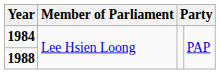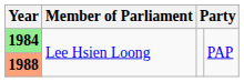 <table class="wikitable">
 <tr>
 <th>Year</th>
 <th>Member of Parliament</th>
 <th colspan="2">Party</th>
 </tr>
 <tr>
-<td><strong>1984</strong></td>
+<td style="background: lightgreen;"><strong>1984</strong></td>
 <td rowspan="2"><a href='#'>Lee Hsien Loong</a></td>
 <td rowspan="2"></td>
 <td rowspan="2"><a href='#'>PAP</a></td>
 </tr>
 <tr>
-<td><strong>1988</strong></td>
+<td style="background: lightsalmon;"><strong>1988</strong></td>
 </tr>
 </table>
